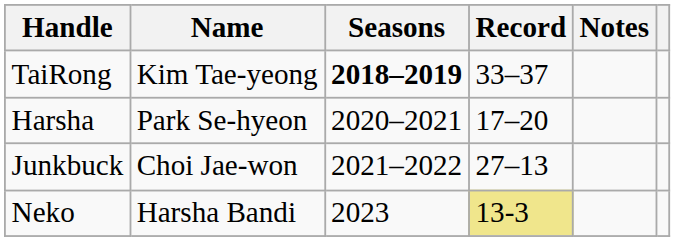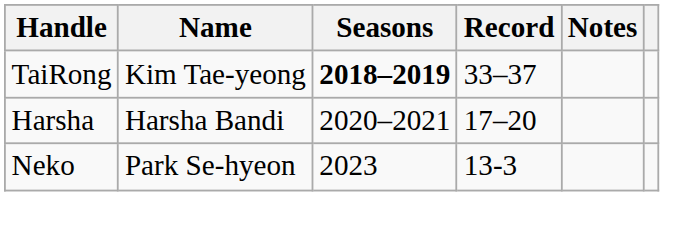 <table class="wikitable">
 <tr>
 <th style="background:#">Handle</th>
 <th style="background:#">Name</th>
 <th style="background:#">Seasons</th>
 <th style="background:#">Record</th>
 <th style="background:#">Notes</th>
 <th style="background:#"></th>
 </tr>
 <tr>
 <td>TaiRong</td>
 <td>Kim Tae-yeong</td>
 <td><strong>2018–2019</strong></td>
 <td>33–37 </td>
 <td></td>
 <td></td>
 </tr>
 <tr>
 <td>Harsha</td>
-<td>Park Se-hyeon</td>
+<td>Harsha Bandi</td>
 <td>2020–2021</td>
 <td>17–20 </td>
 <td></td>
 <td></td>
 </tr>
 <tr>
-<td>Junkbuck</td>
-<td>Choi Jae-won</td>
-<td>2021–2022</td>
-<td>27–13 </td>
-<td></td>
-<td></td>
-</tr>
-<tr>
 <td>Neko</td>
-<td>Harsha Bandi</td>
+<td>Park Se-hyeon</td>
 <td>2023</td>
-<td style="background: khaki;">13-3 </td>
+<td>13-3 </td>
 <td></td>
 <td></td>
 </tr>
 </table>
